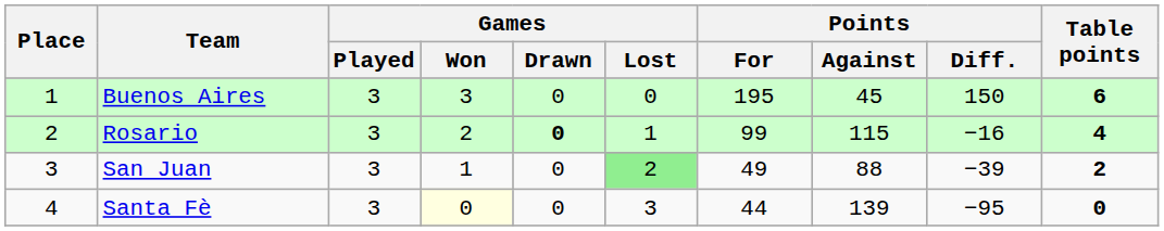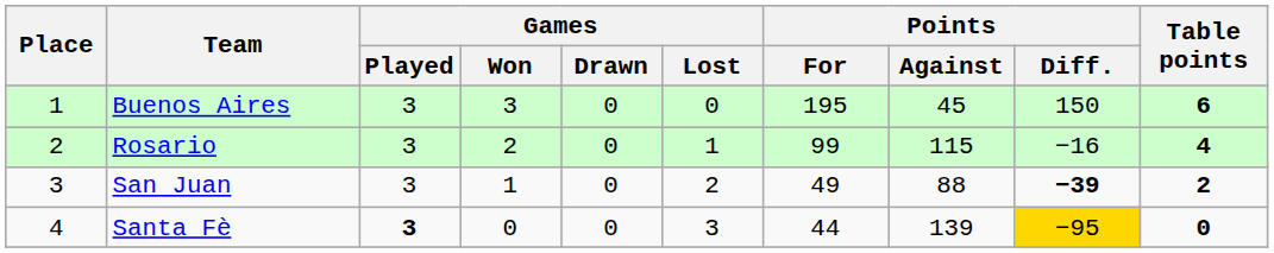 <table class="wikitable" style="text-align:center">
 <tr>
 <th rowspan=2 width="8%">Place</th>
 <th rowspan=2 width="20%">Team</th>
 <th colspan=4 width="32%">Games</th>
 <th colspan=3 width="30%">Points</th>
 <th rowspan=2 width="10%">Table<br>points</th>
 </tr>
 <tr>
 <th width="8%">Played</th>
 <th width="8%">Won</th>
 <th width="8%">Drawn</th>
 <th width="8%">Lost</th>
 <th width="10%">For</th>
 <th width="10%">Against</th>
 <th width="10%">Diff.</th>
 </tr>
 <tr style="background:#ccffcc">
 <td>1</td>
 <td align=left><a href='#'>Buenos Aires</a></td>
 <td>3</td>
 <td>3</td>
 <td>0</td>
 <td>0</td>
 <td>195</td>
 <td>45</td>
 <td>150</td>
 <td><strong>6</strong></td>
 </tr>
 <tr style="background:#ccffcc">
 <td>2</td>
 <td align=left><a href='#'>Rosario</a></td>
 <td>3</td>
 <td>2</td>
-<td><strong>0</strong></td>
+<td>0</td>
 <td>1</td>
 <td>99</td>
 <td>115</td>
 <td>−16</td>
 <td><strong>4</strong></td>
 </tr>
 <tr>
 <td>3</td>
 <td align=left><a href='#'>San Juan</a></td>
 <td>3</td>
 <td>1</td>
 <td>0</td>
-<td style="background: lightgreen;">2</td>
+<td>2</td>
 <td>49</td>
 <td>88</td>
-<td>−39</td>
+<td><strong>−39</strong></td>
 <td><strong>2</strong></td>
 </tr>
 <tr>
 <td>4</td>
 <td align=left><a href='#'>Santa Fè</a></td>
-<td>3</td>
-<td style="background: lightyellow;">0</td>
+<td><strong>3</strong></td>
+<td>0</td>
 <td>0</td>
 <td>3</td>
 <td>44</td>
 <td>139</td>
-<td>−95</td>
+<td style="background: gold;">−95</td>
 <td><strong>0</strong></td>
 </tr>
 </table>
